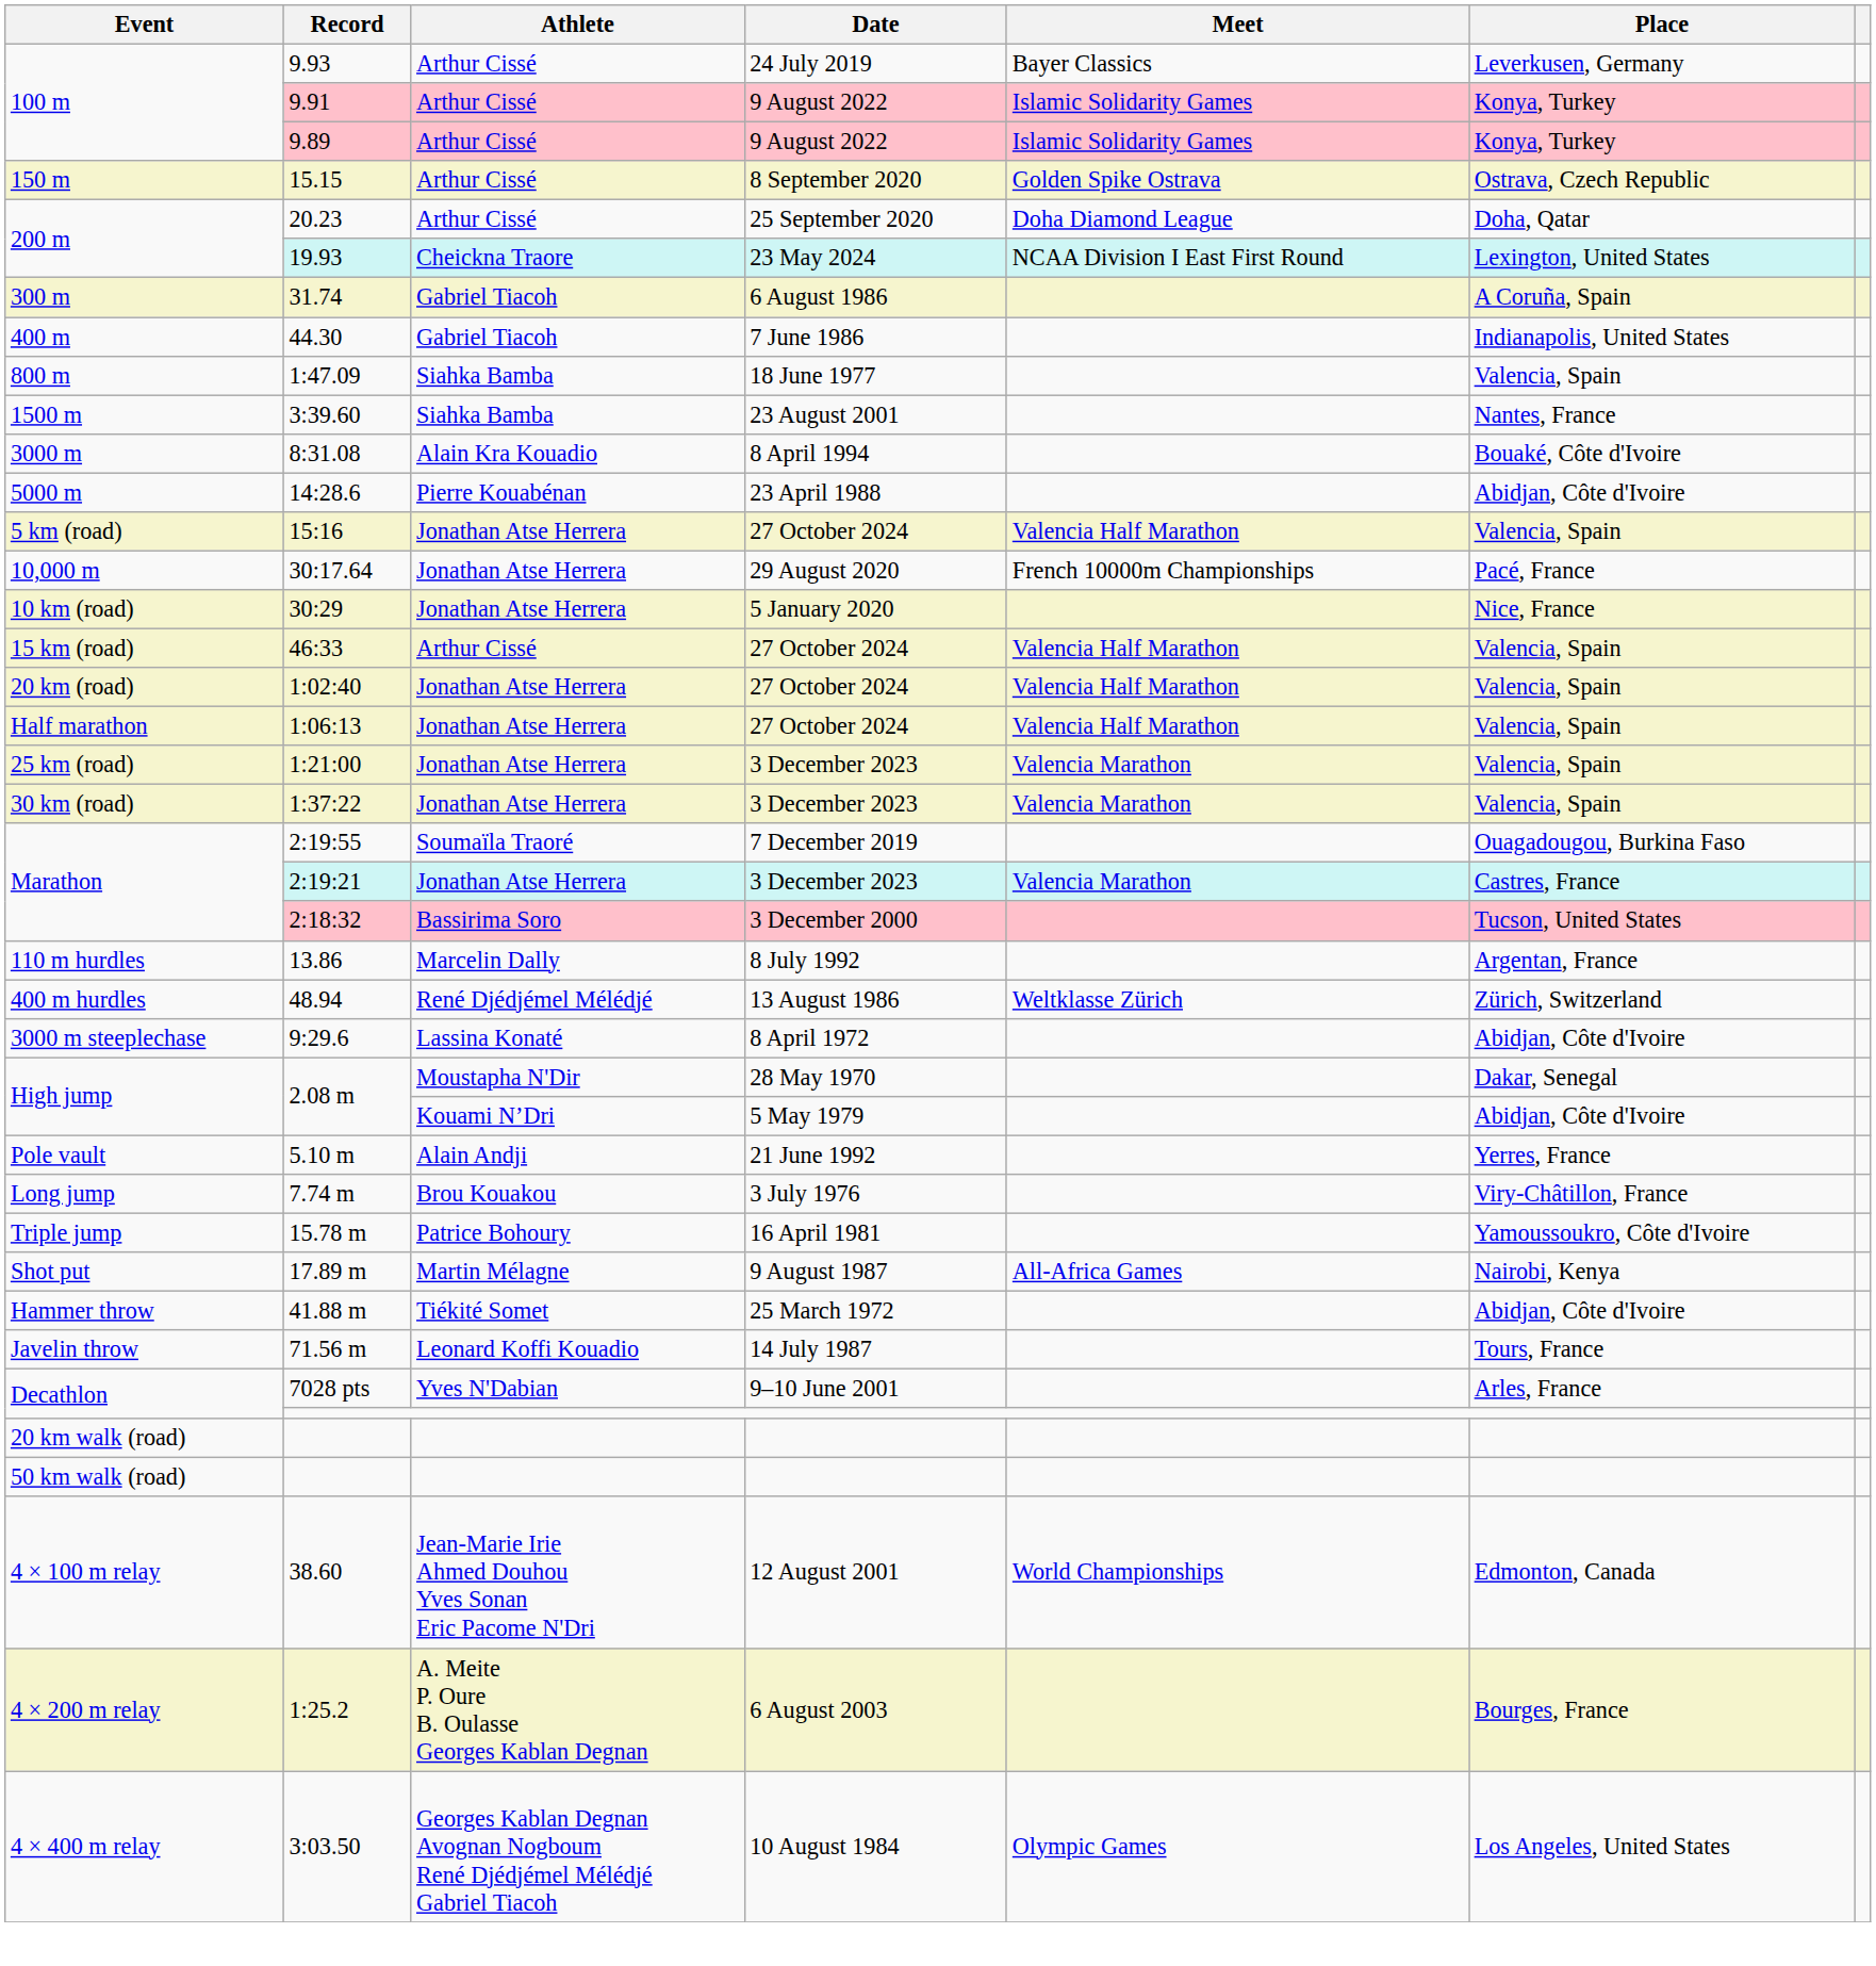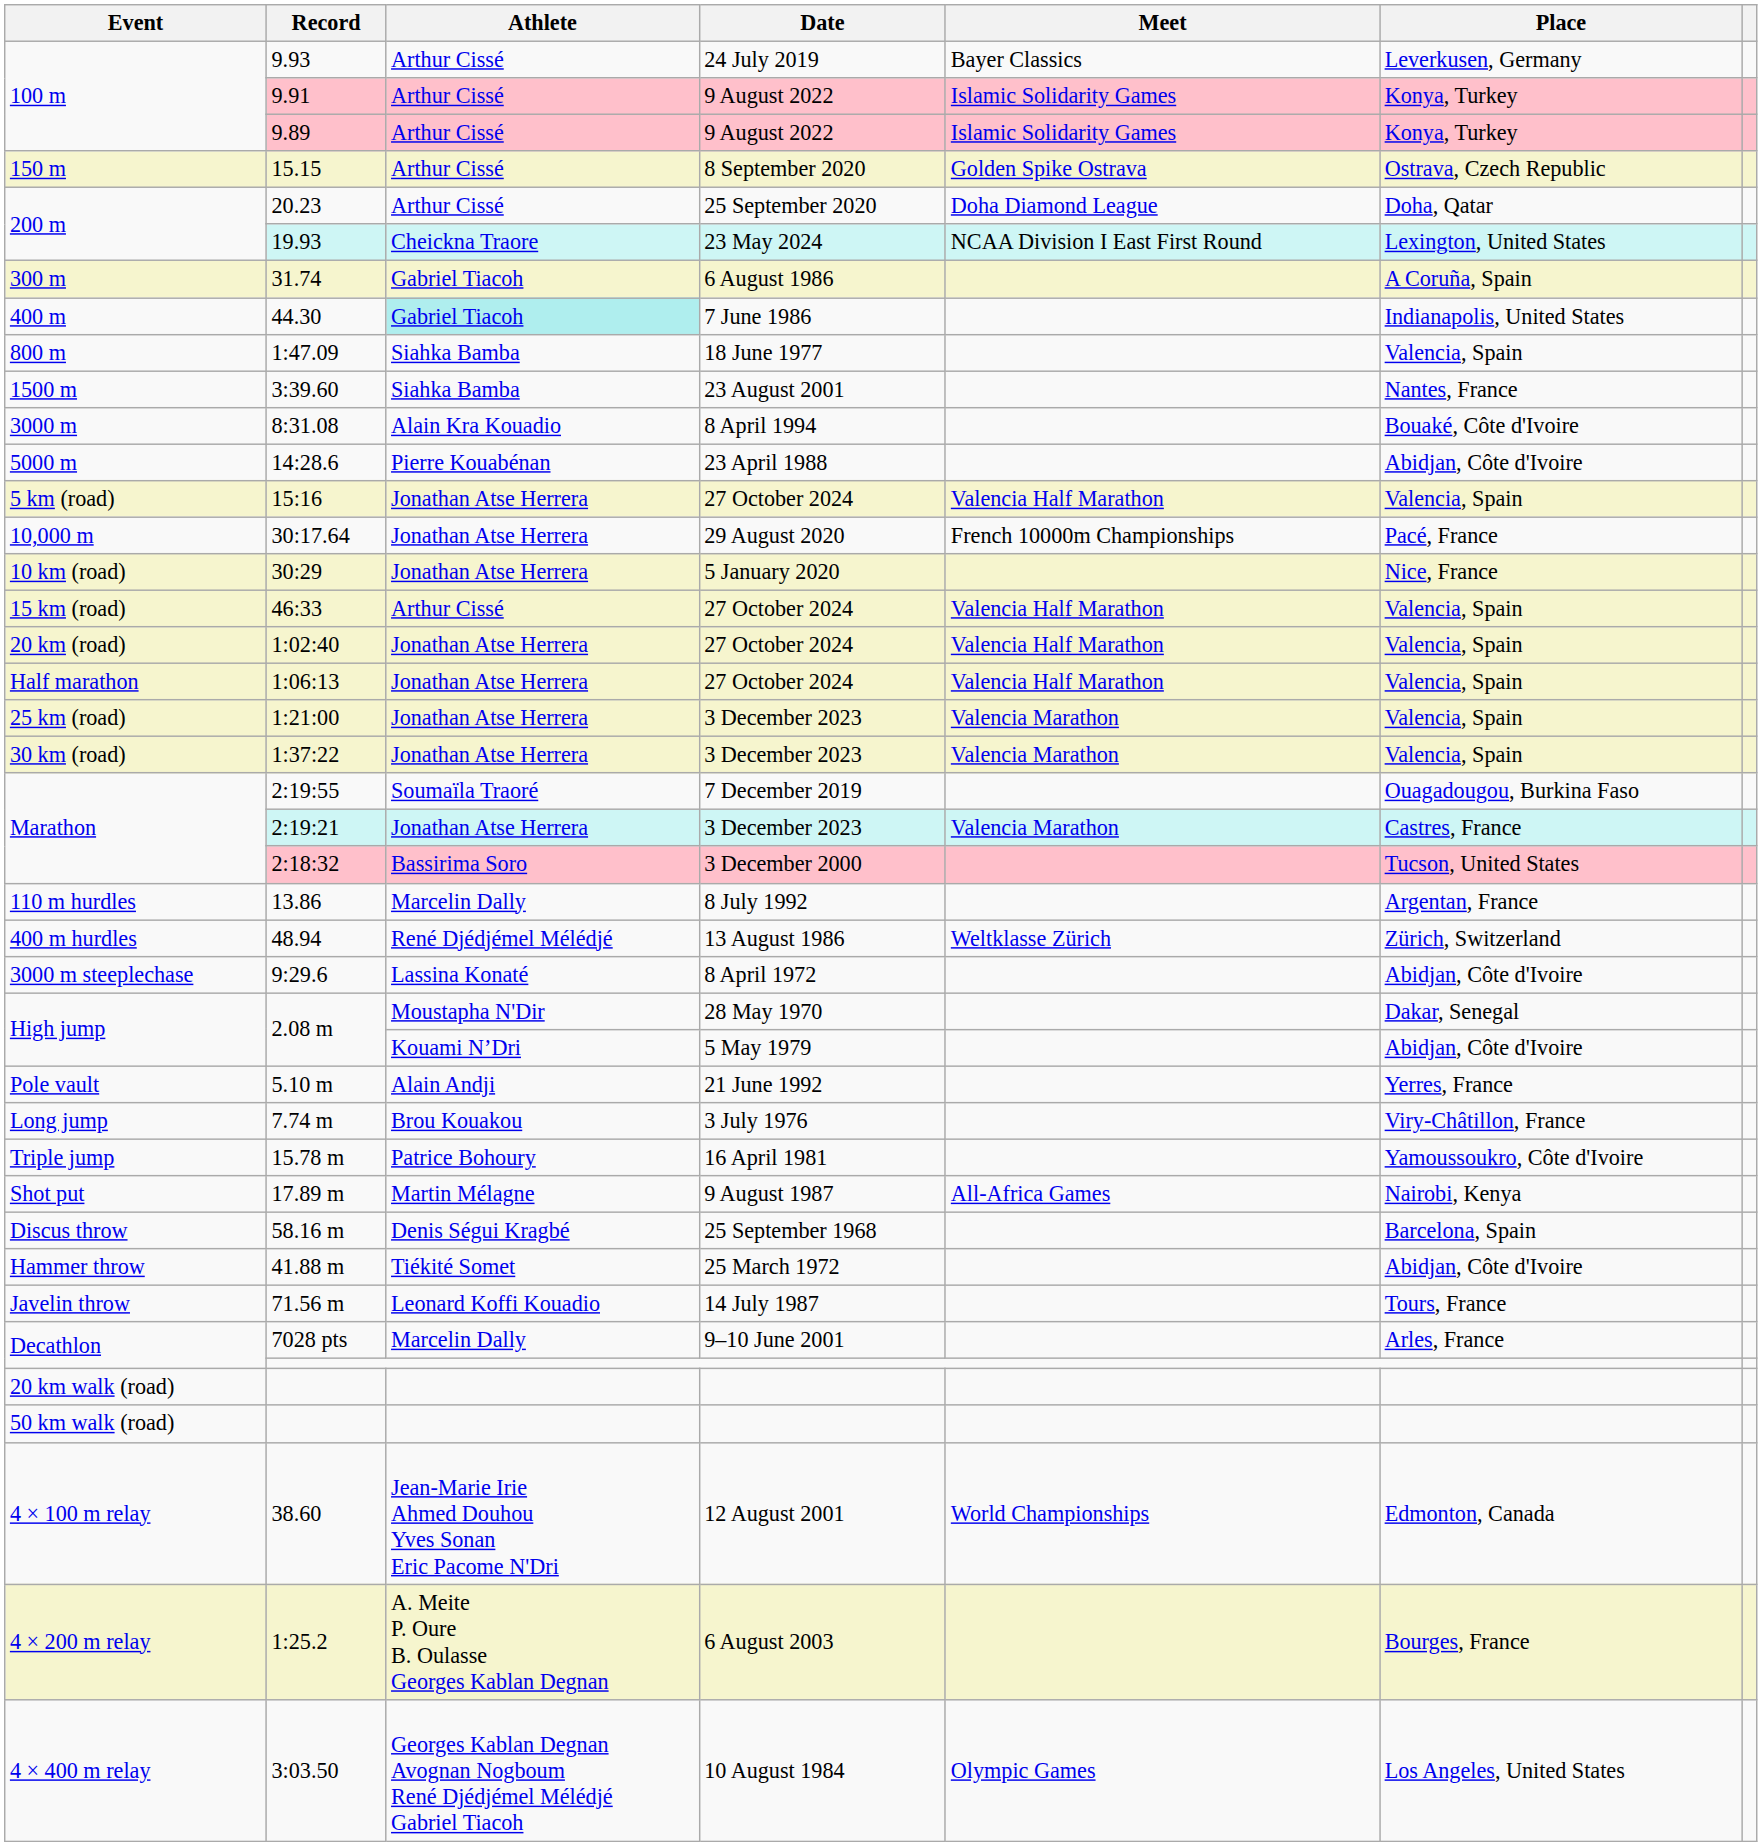 <table class="wikitable" style="font-size:95%; width: 95%;">
 <tr>
 <th>Event</th>
 <th>Record</th>
 <th>Athlete</th>
 <th>Date</th>
 <th>Meet</th>
 <th>Place</th>
 <th></th>
 </tr>
 <tr>
 <td rowspan=3><a href='#'>100 m</a></td>
 <td>9.93 </td>
 <td><a href='#'>Arthur Cissé</a></td>
 <td>24 July 2019</td>
 <td>Bayer Classics</td>
 <td><a href='#'>Leverkusen</a>, Germany</td>
 <td></td>
 </tr>
 <tr style="background:pink">
 <td>9.91   </td>
 <td><a href='#'>Arthur Cissé</a></td>
 <td>9 August 2022</td>
 <td><a href='#'>Islamic Solidarity Games</a></td>
 <td><a href='#'>Konya</a>, Turkey</td>
 <td></td>
 </tr>
 <tr style="background:pink">
 <td>9.89   </td>
 <td><a href='#'>Arthur Cissé</a></td>
 <td>9 August 2022</td>
 <td><a href='#'>Islamic Solidarity Games</a></td>
 <td><a href='#'>Konya</a>, Turkey</td>
 <td></td>
 </tr>
 <tr style="background:#f6F5CE;">
 <td><a href='#'>150 m</a></td>
 <td>15.15 </td>
 <td><a href='#'>Arthur Cissé</a></td>
 <td>8 September 2020</td>
 <td><a href='#'>Golden Spike Ostrava</a></td>
 <td><a href='#'>Ostrava</a>, Czech Republic</td>
 <td></td>
 </tr>
 <tr>
 <td rowspan=2><a href='#'>200 m</a></td>
 <td>20.23 </td>
 <td><a href='#'>Arthur Cissé</a></td>
 <td>25 September 2020</td>
 <td><a href='#'>Doha Diamond League</a></td>
 <td><a href='#'>Doha</a>, Qatar</td>
 <td></td>
 </tr>
 <tr style="background:#CEF6F5">
 <td>19.93 </td>
 <td><a href='#'>Cheickna Traore</a></td>
 <td>23 May 2024</td>
 <td>NCAA Division I East First Round</td>
 <td><a href='#'>Lexington</a>, United States</td>
 <td></td>
 </tr>
 <tr style="background:#f6F5CE;">
 <td><a href='#'>300 m</a></td>
 <td>31.74</td>
 <td><a href='#'>Gabriel Tiacoh</a></td>
 <td>6 August 1986</td>
 <td></td>
 <td><a href='#'>A Coruña</a>, Spain</td>
 <td></td>
 </tr>
 <tr>
 <td><a href='#'>400 m</a></td>
 <td>44.30</td>
-<td><a href='#'>Gabriel Tiacoh</a></td>
+<td style="background: paleturquoise;"><a href='#'>Gabriel Tiacoh</a></td>
 <td>7 June 1986</td>
 <td></td>
 <td><a href='#'>Indianapolis</a>, United States</td>
 <td></td>
 </tr>
 <tr>
 <td><a href='#'>800 m</a></td>
 <td>1:47.09</td>
 <td><a href='#'>Siahka Bamba</a></td>
 <td>18 June 1977</td>
 <td></td>
 <td><a href='#'>Valencia</a>, Spain</td>
 <td></td>
 </tr>
 <tr>
 <td><a href='#'>1500 m</a></td>
 <td>3:39.60</td>
 <td><a href='#'>Siahka Bamba</a></td>
 <td>23 August 2001</td>
 <td></td>
 <td><a href='#'>Nantes</a>, France</td>
 <td></td>
 </tr>
 <tr>
 <td><a href='#'>3000 m</a></td>
 <td>8:31.08</td>
 <td><a href='#'>Alain Kra Kouadio</a></td>
 <td>8 April 1994</td>
 <td></td>
 <td><a href='#'>Bouaké</a>, Côte d'Ivoire</td>
 <td></td>
 </tr>
 <tr>
 <td><a href='#'>5000 m</a></td>
 <td>14:28.6</td>
 <td><a href='#'>Pierre Kouabénan</a></td>
 <td>23 April 1988</td>
 <td></td>
 <td><a href='#'>Abidjan</a>, Côte d'Ivoire</td>
 <td></td>
 </tr>
 <tr style="background:#f6F5CE;">
 <td><a href='#'>5 km</a> (road)</td>
 <td>15:16</td>
 <td><a href='#'>Jonathan Atse Herrera</a></td>
 <td>27 October 2024</td>
 <td><a href='#'>Valencia Half Marathon</a></td>
 <td><a href='#'>Valencia</a>, Spain</td>
 <td></td>
 </tr>
 <tr>
 <td><a href='#'>10,000 m</a></td>
 <td>30:17.64</td>
 <td><a href='#'>Jonathan Atse Herrera</a></td>
 <td>29 August 2020</td>
 <td>French 10000m Championships</td>
 <td><a href='#'>Pacé</a>, France</td>
 <td></td>
 </tr>
 <tr style="background:#f6F5CE;">
 <td><a href='#'>10 km</a> (road)</td>
 <td>30:29</td>
 <td><a href='#'>Jonathan Atse Herrera</a></td>
 <td>5 January 2020</td>
 <td></td>
 <td><a href='#'>Nice</a>, France</td>
 <td></td>
 </tr>
 <tr style="background:#f6F5CE;">
 <td><a href='#'>15 km</a> (road)</td>
 <td>46:33</td>
 <td><a href='#'>Arthur Cissé</a></td>
 <td>27 October 2024</td>
 <td><a href='#'>Valencia Half Marathon</a></td>
 <td><a href='#'>Valencia</a>, Spain</td>
 <td></td>
 </tr>
 <tr style="background:#f6F5CE;">
 <td><a href='#'>20 km</a> (road)</td>
 <td>1:02:40</td>
 <td><a href='#'>Jonathan Atse Herrera</a></td>
 <td>27 October 2024</td>
 <td><a href='#'>Valencia Half Marathon</a></td>
 <td><a href='#'>Valencia</a>, Spain</td>
 <td></td>
 </tr>
 <tr style="background:#f6F5CE;">
 <td><a href='#'>Half marathon</a></td>
 <td>1:06:13</td>
 <td><a href='#'>Jonathan Atse Herrera</a></td>
 <td>27 October 2024</td>
 <td><a href='#'>Valencia Half Marathon</a></td>
 <td><a href='#'>Valencia</a>, Spain</td>
 <td></td>
 </tr>
 <tr style="background:#f6F5CE;">
 <td><a href='#'>25 km</a> (road)</td>
 <td>1:21:00</td>
 <td><a href='#'>Jonathan Atse Herrera</a></td>
 <td>3 December 2023</td>
 <td><a href='#'>Valencia Marathon</a></td>
 <td><a href='#'>Valencia</a>, Spain</td>
 <td></td>
 </tr>
 <tr style="background:#f6F5CE;">
 <td><a href='#'>30 km</a> (road)</td>
 <td>1:37:22</td>
 <td><a href='#'>Jonathan Atse Herrera</a></td>
 <td>3 December 2023</td>
 <td><a href='#'>Valencia Marathon</a></td>
 <td><a href='#'>Valencia</a>, Spain</td>
 <td></td>
 </tr>
 <tr>
 <td rowspan=3><a href='#'>Marathon</a></td>
 <td>2:19:55</td>
 <td><a href='#'>Soumaïla Traoré</a></td>
 <td>7 December 2019</td>
 <td></td>
 <td><a href='#'>Ouagadougou</a>, Burkina Faso</td>
 <td></td>
 </tr>
 <tr style="background:#CEF6F5">
 <td>2:19:21</td>
 <td><a href='#'>Jonathan Atse Herrera</a></td>
 <td>3 December 2023</td>
 <td><a href='#'>Valencia Marathon</a></td>
 <td><a href='#'>Castres</a>, France</td>
 <td></td>
 </tr>
 <tr style="background:pink">
 <td>2:18:32</td>
 <td><a href='#'>Bassirima Soro</a></td>
 <td>3 December 2000</td>
 <td></td>
 <td><a href='#'>Tucson</a>, United States</td>
 <td></td>
 </tr>
 <tr>
 <td><a href='#'>110 m hurdles</a></td>
 <td>13.86 </td>
 <td><a href='#'>Marcelin Dally</a></td>
 <td>8 July 1992</td>
 <td></td>
 <td><a href='#'>Argentan</a>, France</td>
 <td></td>
 </tr>
 <tr>
 <td><a href='#'>400 m hurdles</a></td>
 <td>48.94</td>
 <td><a href='#'>René Djédjémel Mélédjé</a></td>
 <td>13 August 1986</td>
 <td><a href='#'>Weltklasse Zürich</a></td>
 <td><a href='#'>Zürich</a>, Switzerland</td>
 <td></td>
 </tr>
 <tr>
 <td><a href='#'>3000 m steeplechase</a></td>
 <td>9:29.6 </td>
 <td><a href='#'>Lassina Konaté</a></td>
 <td>8 April 1972</td>
 <td></td>
 <td><a href='#'>Abidjan</a>, Côte d'Ivoire</td>
 <td></td>
 </tr>
 <tr>
 <td rowspan=2><a href='#'>High jump</a></td>
 <td rowspan=2>2.08 m</td>
 <td><a href='#'>Moustapha N'Dir</a></td>
 <td>28 May 1970</td>
 <td></td>
 <td><a href='#'>Dakar</a>, Senegal</td>
 <td></td>
 </tr>
 <tr>
 <td><a href='#'>Kouami N’Dri</a></td>
 <td>5 May 1979</td>
 <td></td>
 <td><a href='#'>Abidjan</a>, Côte d'Ivoire</td>
 <td></td>
 </tr>
 <tr>
 <td><a href='#'>Pole vault</a></td>
 <td>5.10 m</td>
 <td><a href='#'>Alain Andji</a></td>
 <td>21 June 1992</td>
 <td></td>
 <td><a href='#'>Yerres</a>, France</td>
 <td></td>
 </tr>
 <tr>
 <td><a href='#'>Long jump</a></td>
 <td>7.74 m</td>
 <td><a href='#'>Brou Kouakou</a></td>
 <td>3 July 1976</td>
 <td></td>
 <td><a href='#'>Viry-Châtillon</a>, France</td>
 <td></td>
 </tr>
 <tr>
 <td><a href='#'>Triple jump</a></td>
 <td>15.78 m</td>
 <td><a href='#'>Patrice Bohoury</a></td>
 <td>16 April 1981</td>
 <td></td>
 <td><a href='#'>Yamoussoukro</a>, Côte d'Ivoire</td>
 <td></td>
 </tr>
 <tr>
 <td><a href='#'>Shot put</a></td>
 <td>17.89 m</td>
 <td><a href='#'>Martin Mélagne</a></td>
 <td>9 August 1987</td>
 <td><a href='#'>All-Africa Games</a></td>
 <td><a href='#'>Nairobi</a>, Kenya</td>
 <td></td>
 </tr>
 <tr>
+<td><a href='#'>Discus throw</a></td>
+<td>58.16 m</td>
+<td><a href='#'>Denis Ségui Kragbé</a></td>
+<td>25 September 1968</td>
+<td></td>
+<td><a href='#'>Barcelona</a>, Spain</td>
+<td></td>
+</tr>
+<tr>
 <td><a href='#'>Hammer throw</a></td>
 <td>41.88 m</td>
 <td><a href='#'>Tiékité Somet</a></td>
 <td>25 March 1972</td>
 <td></td>
 <td><a href='#'>Abidjan</a>, Côte d'Ivoire</td>
 <td></td>
 </tr>
 <tr>
 <td><a href='#'>Javelin throw</a></td>
 <td>71.56 m</td>
 <td><a href='#'>Leonard Koffi Kouadio</a></td>
 <td>14 July 1987</td>
 <td></td>
 <td><a href='#'>Tours</a>, France</td>
 <td></td>
 </tr>
 <tr>
 <td rowspan=2><a href='#'>Decathlon</a></td>
 <td>7028 pts</td>
-<td><a href='#'>Yves N'Dabian</a></td>
+<td><a href='#'>Marcelin Dally</a></td>
 <td>9–10 June 2001</td>
 <td></td>
 <td><a href='#'>Arles</a>, France</td>
 <td></td>
 </tr>
 <tr>
 <td colspan=5></td>
 <td></td>
 </tr>
 <tr>
 <td><a href='#'>20 km walk</a> (road)</td>
 <td></td>
 <td></td>
 <td></td>
 <td></td>
 <td></td>
 <td></td>
 </tr>
 <tr>
 <td><a href='#'>50 km walk</a> (road)</td>
 <td></td>
 <td></td>
 <td></td>
 <td></td>
 <td></td>
 <td></td>
 </tr>
 <tr>
 <td><a href='#'>4 × 100 m relay</a></td>
 <td>38.60</td>
 <td><br><a href='#'>Jean-Marie Irie</a><br><a href='#'>Ahmed Douhou</a><br><a href='#'>Yves Sonan</a><br><a href='#'>Eric Pacome N'Dri</a></td>
 <td>12 August 2001</td>
 <td><a href='#'>World Championships</a></td>
 <td><a href='#'>Edmonton</a>, Canada</td>
 <td></td>
 </tr>
 <tr style="background:#f6F5CE;">
 <td><a href='#'>4 × 200 m relay</a></td>
 <td>1:25.2 </td>
 <td>A. Meite<br>P. Oure<br>B. Oulasse<br><a href='#'>Georges Kablan Degnan</a></td>
 <td>6 August 2003</td>
 <td></td>
 <td><a href='#'>Bourges</a>, France</td>
 <td></td>
 </tr>
 <tr>
 <td><a href='#'>4 × 400 m relay</a></td>
 <td>3:03.50</td>
 <td><br><a href='#'>Georges Kablan Degnan</a><br><a href='#'>Avognan Nogboum</a><br><a href='#'>René Djédjémel Mélédjé</a><br><a href='#'>Gabriel Tiacoh</a></td>
 <td>10 August 1984</td>
 <td><a href='#'>Olympic Games</a></td>
 <td><a href='#'>Los Angeles</a>, United States</td>
 <td></td>
 </tr>
 </table>
